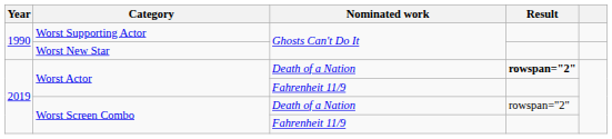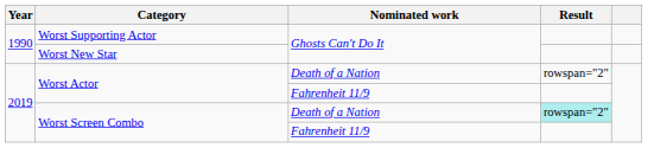 <table class="wikitable sortable">
 <tr>
 <th scope="col" style="width:1em;">Year</th>
 <th scope="col" style="width:20em;">Category</th>
 <th scope="col" style="width:20em;">Nominated work</th>
 <th scope="col" style="width:5em;">Result</th>
 <th scope="col" style="width:2em;" class="unsortable"></th>
 </tr>
 <tr>
 <td rowspan="2"><a href='#'>1990</a></td>
 <td><a href='#'>Worst Supporting Actor</a></td>
 <td rowspan="2"><em><a href='#'>Ghosts Can't Do It</a></em></td>
 <td></td>
 <td></td>
 </tr>
 <tr>
 <td><a href='#'>Worst New Star</a></td>
 <td></td>
 <td></td>
 </tr>
 <tr>
 <td rowspan="4"><a href='#'>2019</a></td>
 <td rowspan="2"><a href='#'>Worst Actor</a></td>
 <td><em><a href='#'>Death of a Nation</a></em></td>
-<td><strong>rowspan="2" </strong></td>
+<td>rowspan="2" </td>
 <td rowspan="4"></td>
 </tr>
 <tr>
 <td><em><a href='#'>Fahrenheit 11/9</a></em></td>
 </tr>
 <tr>
 <td rowspan="2"><a href='#'>Worst Screen Combo</a></td>
 <td><em><a href='#'>Death of a Nation</a></em></td>
-<td>rowspan="2" </td>
+<td style="background: paleturquoise;">rowspan="2" </td>
 </tr>
 <tr>
 <td><em><a href='#'>Fahrenheit 11/9</a></em></td>
 </tr>
 </table>
